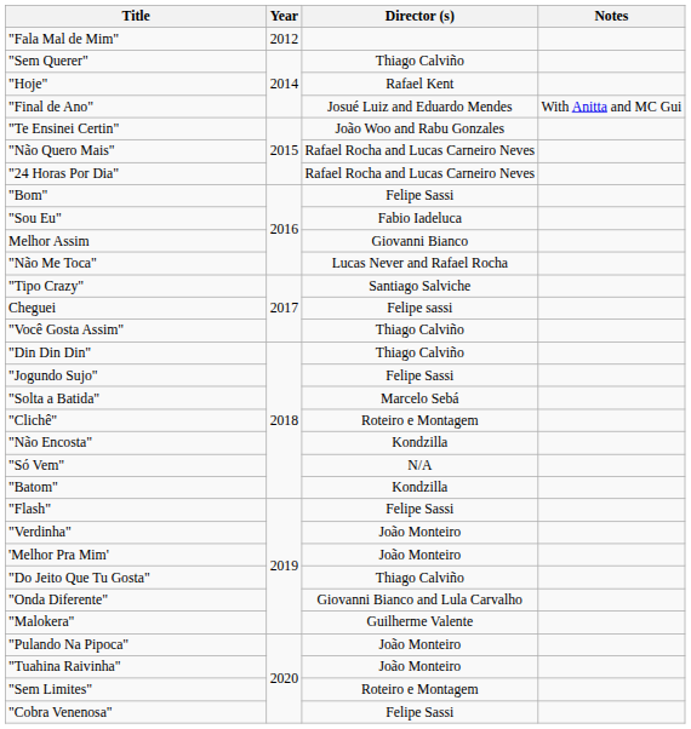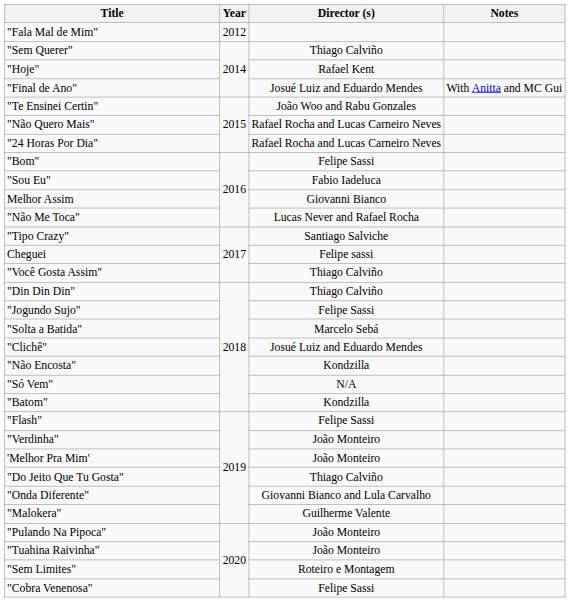 <table class="wikitable">
 <tr>
 <th style="width:18em;">Title</th>
 <th>Year</th>
 <th>Director (s)</th>
 <th>Notes</th>
 </tr>
 <tr>
 <td>"Fala Mal de Mim"</td>
 <td>2012</td>
 <td></td>
 <td></td>
 </tr>
 <tr>
 <td>"Sem Querer"</td>
 <td rowspan="3">2014</td>
 <td align="center">Thiago Calviño</td>
 <td></td>
 </tr>
 <tr>
 <td>"Hoje"</td>
 <td align="center">Rafael Kent</td>
 <td></td>
 </tr>
 <tr>
 <td>"Final de Ano"</td>
 <td align="center">Josué Luiz and Eduardo Mendes</td>
 <td>With <a href='#'>Anitta</a> and MC Gui</td>
 </tr>
 <tr>
 <td>"Te Ensinei Certin"</td>
 <td rowspan="3">2015</td>
 <td align="center">João Woo and Rabu Gonzales</td>
 <td></td>
 </tr>
 <tr>
 <td>"Não Quero Mais"</td>
 <td align="center">Rafael Rocha and Lucas Carneiro Neves</td>
 <td></td>
 </tr>
 <tr>
 <td>"24 Horas Por Dia"</td>
 <td align="center">Rafael Rocha and Lucas Carneiro Neves</td>
 <td></td>
 </tr>
 <tr>
 <td>"Bom"</td>
 <td rowspan="4">2016</td>
 <td align="center">Felipe Sassi</td>
 <td></td>
 </tr>
 <tr>
 <td>"Sou Eu"</td>
 <td align="center">Fabio Iadeluca</td>
 <td></td>
 </tr>
 <tr>
 <td>Melhor Assim</td>
 <td align="center">Giovanni Bianco</td>
 <td></td>
 </tr>
 <tr>
 <td>"Não Me Toca"</td>
 <td Align="Center">Lucas Never and Rafael Rocha</td>
 <td></td>
 </tr>
 <tr>
 <td>"Tipo Crazy"</td>
 <td rowspan="3">2017</td>
 <td align="center">Santiago Salviche</td>
 <td></td>
 </tr>
 <tr>
 <td>Cheguei</td>
 <td align="center">Felipe sassi</td>
 <td></td>
 </tr>
 <tr>
 <td>"Você Gosta Assim"</td>
 <td align="center">Thiago Calviño</td>
 <td></td>
 </tr>
 <tr>
 <td>"Din Din Din"</td>
 <td rowspan="7">2018</td>
 <td align="center">Thiago Calviño</td>
 <td></td>
 </tr>
 <tr>
 <td>"Jogundo Sujo"</td>
 <td align="center">Felipe Sassi</td>
 <td></td>
 </tr>
 <tr>
 <td>"Solta a Batida"</td>
 <td align="center">Marcelo Sebá</td>
 <td></td>
 </tr>
 <tr>
 <td>"Clichê"</td>
-<td align="center">Roteiro e Montagem</td>
+<td align="center">Josué Luiz and Eduardo Mendes</td>
 <td></td>
 </tr>
 <tr>
 <td>"Não Encosta"</td>
 <td align="center">Kondzilla</td>
 <td></td>
 </tr>
 <tr>
 <td>"Só Vem"</td>
 <td align="center">N/A</td>
 <td></td>
 </tr>
 <tr>
 <td>"Batom"</td>
 <td align="center">Kondzilla</td>
 <td></td>
 </tr>
 <tr>
 <td>"Flash"</td>
 <td rowspan="6">2019</td>
 <td align="center">Felipe Sassi</td>
 <td></td>
 </tr>
 <tr>
 <td>"Verdinha"</td>
 <td align="center">João Monteiro</td>
 <td></td>
 </tr>
 <tr>
 <td>'Melhor Pra Mim'</td>
 <td align="center">João Monteiro</td>
 <td></td>
 </tr>
 <tr>
 <td>"Do Jeito Que Tu Gosta"</td>
 <td Align="center">Thiago Calviño</td>
 <td></td>
 </tr>
 <tr>
 <td>"Onda Diferente"</td>
 <td Align="center">Giovanni Bianco and Lula Carvalho</td>
 <td></td>
 </tr>
 <tr>
 <td>"Malokera"</td>
 <td Align="center">Guilherme Valente</td>
 <td></td>
 </tr>
 <tr>
 <td>"Pulando Na Pipoca"</td>
 <td rowspan="5">2020</td>
 <td Align="center">João Monteiro</td>
 <td></td>
 </tr>
 <tr>
 <td>"Tuahina Raivinha"</td>
 <td align="center">João Monteiro</td>
 <td></td>
 </tr>
 <tr>
 <td>"Sem Limites"</td>
 <td align="center">Roteiro e Montagem</td>
 <td></td>
 </tr>
 <tr>
 <td>"Cobra Venenosa"</td>
 <td align="center">Felipe Sassi</td>
 <td></td>
 </tr>
 </table>
